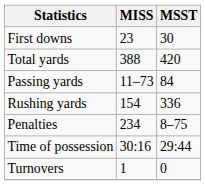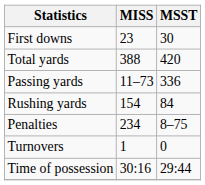 <table class="wikitable" style="float: left;">
 <tr>
 <th>Statistics</th>
 <th>MISS</th>
 <th>MSST</th>
 </tr>
 <tr>
 <td>First downs</td>
 <td>23</td>
 <td>30</td>
 </tr>
 <tr>
 <td>Total yards</td>
 <td>388</td>
 <td>420</td>
 </tr>
 <tr>
 <td>Passing yards</td>
 <td>11–73</td>
-<td>84</td>
+<td>336</td>
 </tr>
 <tr>
 <td>Rushing yards</td>
 <td>154</td>
-<td>336</td>
+<td>84</td>
 </tr>
 <tr>
 <td>Penalties</td>
 <td>234</td>
 <td>8–75</td>
 </tr>
 <tr>
+<td>Turnovers</td>
+<td>1</td>
+<td>0</td>
+</tr>
+<tr>
 <td>Time of possession</td>
 <td>30:16</td>
 <td>29:44</td>
 </tr>
 <tr>
-<td>Turnovers</td>
-<td>1</td>
-<td>0</td>
-</tr>
-<tr>
 </tr>
 </table>
